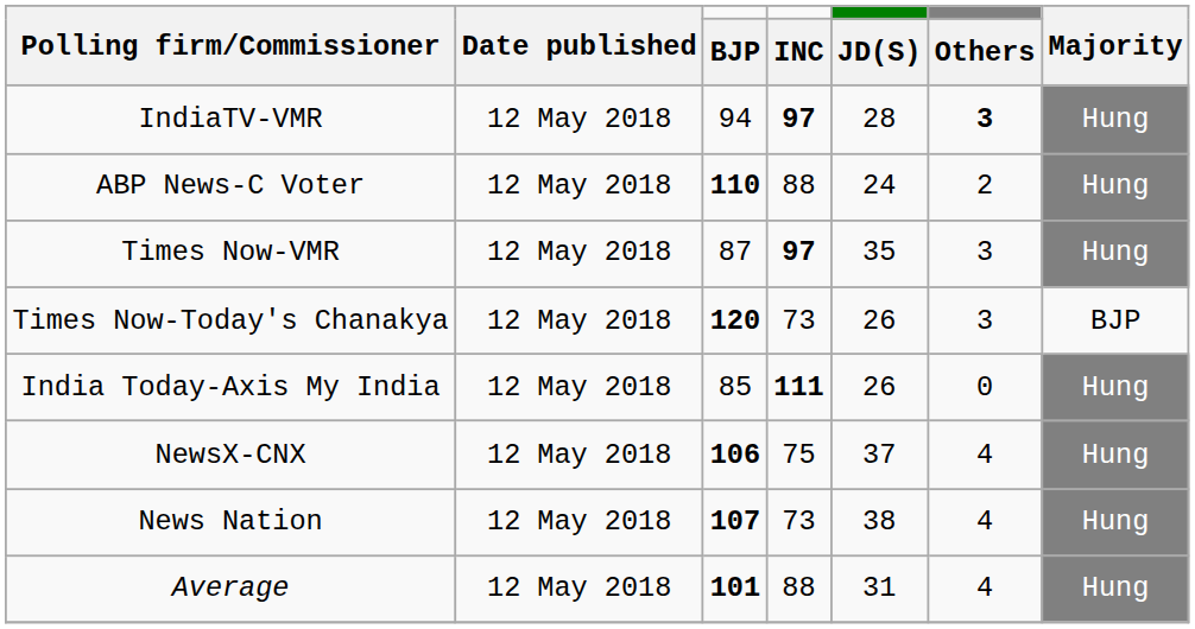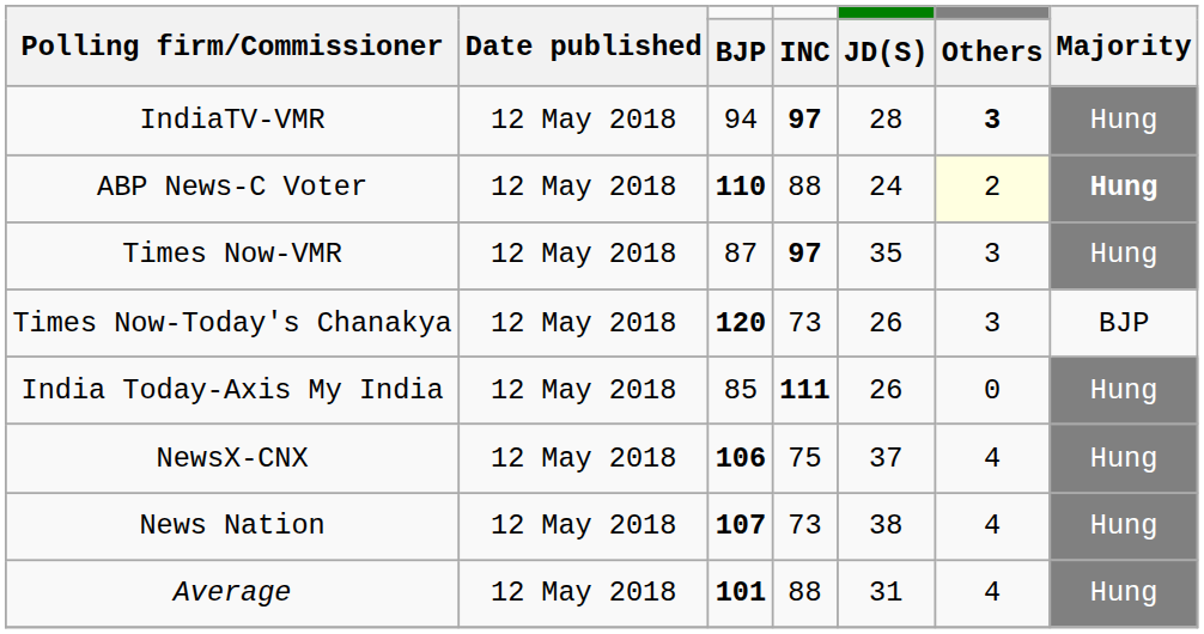 <table class="wikitable collapsible" style="text-align:center; line-height:25px">
 <tr>
 <th rowspan="2" class="wikitable">Polling firm/Commissioner</th>
 <th rowspan="2" class="wikitable">Date published</th>
 <td></td>
 <td></td>
 <td style="background:green;"></td>
 <td style="background:gray;"></td>
 <th rowspan="2">Majority</th>
 </tr>
 <tr>
 <th class="wikitable">BJP</th>
 <th class="wikitable">INC</th>
 <th class="wikitable">JD(S)</th>
 <th class="wikitable">Others</th>
 </tr>
 <tr>
 <td>IndiaTV-VMR</td>
 <td>12 May 2018</td>
 <td>94</td>
 <td><strong>97</strong></td>
 <td>28</td>
 <td><strong>3</strong></td>
 <td style="background:gray; color:white;">Hung</td>
 </tr>
 <tr>
 <td>ABP News-C Voter</td>
 <td>12 May 2018</td>
 <td><strong>110</strong></td>
 <td>88</td>
 <td>24</td>
-<td>2</td>
-<td style="background:gray; color:white;">Hung</td>
+<td style="background: lightyellow;">2</td>
+<td style="background:gray; color:white;"><strong>Hung</strong></td>
 </tr>
 <tr>
 <td>Times Now-VMR</td>
 <td>12 May 2018</td>
 <td>87</td>
 <td><strong>97</strong></td>
 <td>35</td>
 <td>3</td>
 <td style="background:gray; color:white;">Hung</td>
 </tr>
 <tr>
 <td>Times Now-Today's Chanakya</td>
 <td>12 May 2018</td>
 <td><strong>120</strong></td>
 <td>73</td>
 <td>26</td>
 <td>3</td>
 <td style="background:">BJP</td>
 </tr>
 <tr>
 <td>India Today-Axis My India</td>
 <td>12 May 2018</td>
 <td>85</td>
 <td><strong>111</strong></td>
 <td>26</td>
 <td>0</td>
 <td style="background:gray; color:white;">Hung</td>
 </tr>
 <tr>
 <td>NewsX-CNX</td>
 <td>12 May 2018</td>
 <td><strong>106</strong></td>
 <td>75</td>
 <td>37</td>
 <td>4</td>
 <td style="background:gray; color:white;">Hung</td>
 </tr>
 <tr>
 <td>News Nation</td>
 <td>12 May 2018</td>
 <td><strong>107</strong></td>
 <td>73</td>
 <td>38</td>
 <td>4</td>
 <td style="background:gray; color:white;">Hung</td>
 </tr>
 <tr>
 <td><em>Average</em></td>
 <td>12 May 2018</td>
 <td><strong>101</strong></td>
 <td>88</td>
 <td>31</td>
 <td>4</td>
 <td style="background:gray; color:white;">Hung</td>
 </tr>
 <tr>
 </tr>
 </table>
